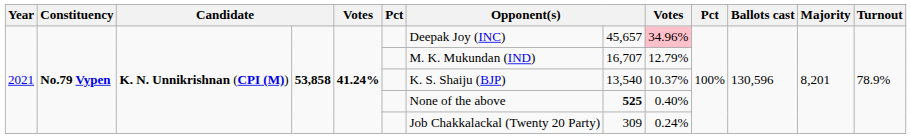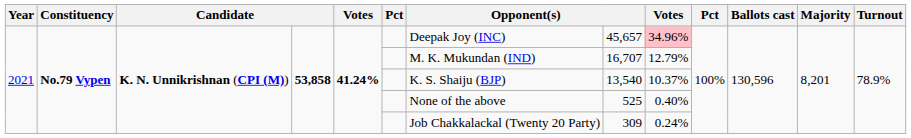 <table class="wikitable" style="margin:0.5em ; font-size:95%">
 <tr>
 <th>Year</th>
 <th>Constituency</th>
 <th colspan=2>Candidate</th>
 <th>Votes</th>
 <th>Pct</th>
 <th colspan=2>Opponent(s)</th>
 <th>Votes</th>
 <th>Pct</th>
 <th>Ballots cast</th>
 <th>Majority</th>
 <th>Turnout</th>
 </tr>
 <tr>
 <td rowspan=5><a href='#'>2021</a></td>
 <td rowspan=5><strong>No.79 <a href='#'>Vypen</a></strong></td>
 <td rowspan=5><strong>K. N. Unnikrishnan</strong> (<a href='#'><strong>CPI (M)</strong></a>)</td>
 <td rowspan=5 align=right><strong>53,858</strong></td>
 <td rowspan=5><strong>41.24%</strong></td>
 <td></td>
 <td>Deepak Joy (<a href='#'>INC</a>)</td>
 <td align=right>45,657</td>
 <td style="background: pink;">34.96%</td>
 <td rowspan=5>100%</td>
 <td rowspan=5>130,596</td>
 <td rowspan=5>8,201</td>
 <td rowspan=5>78.9%</td>
 </tr>
 <tr>
 <td></td>
 <td>M. K. Mukundan (<a href='#'>IND</a>)</td>
 <td align=right>16,707</td>
 <td align=right>12.79%</td>
 </tr>
 <tr>
 <td bgcolor=></td>
 <td>K. S. Shaiju (<a href='#'>BJP</a>)</td>
 <td align=right>13,540</td>
 <td align=right>10.37%</td>
 </tr>
 <tr>
 <td bgcolor=></td>
 <td>None of the above</td>
-<td align=right><strong>525</strong></td>
+<td align=right>525</td>
 <td align=right>0.40%</td>
 </tr>
 <tr>
 <td></td>
 <td>Job Chakkalackal (Twenty 20 Party)</td>
 <td align=right>309</td>
 <td align=right>0.24%</td>
 </tr>
 </table>
